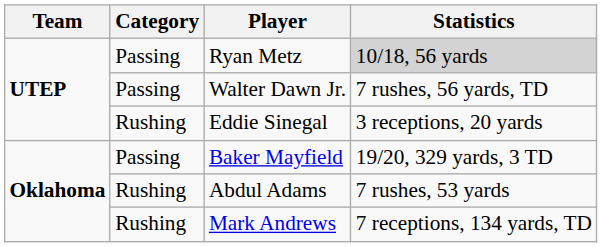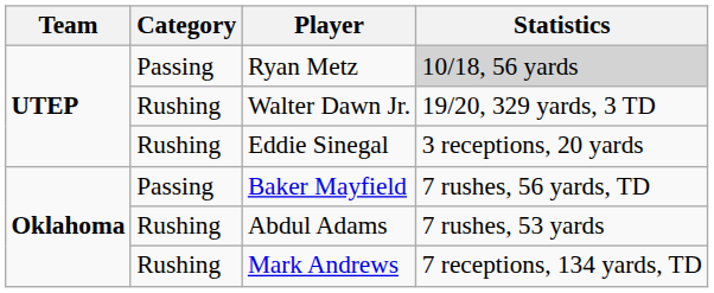 <table class="wikitable" style="float: left;">
 <tr>
 <th>Team</th>
 <th>Category</th>
 <th>Player</th>
 <th>Statistics</th>
 </tr>
 <tr>
 <td rowspan=3><strong>UTEP</strong></td>
 <td>Passing</td>
 <td>Ryan Metz</td>
 <td style="background: lightgrey;">10/18, 56 yards</td>
 </tr>
 <tr>
-<td>Passing</td>
+<td>Rushing</td>
 <td>Walter Dawn Jr.</td>
-<td>7 rushes, 56 yards, TD</td>
+<td>19/20, 329 yards, 3 TD</td>
 </tr>
 <tr>
 <td>Rushing</td>
 <td>Eddie Sinegal</td>
 <td>3 receptions, 20 yards</td>
 </tr>
 <tr>
 <td rowspan=3><strong>Oklahoma</strong></td>
 <td>Passing</td>
 <td><a href='#'>Baker Mayfield</a></td>
-<td>19/20, 329 yards, 3 TD</td>
+<td>7 rushes, 56 yards, TD</td>
 </tr>
 <tr>
 <td>Rushing</td>
 <td>Abdul Adams</td>
 <td>7 rushes, 53 yards</td>
 </tr>
 <tr>
 <td>Rushing</td>
 <td><a href='#'>Mark Andrews</a></td>
 <td>7 receptions, 134 yards, TD</td>
 </tr>
 </table>
